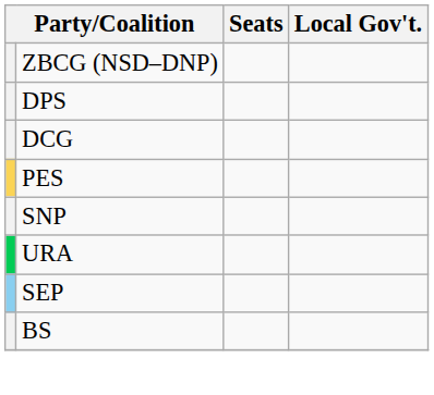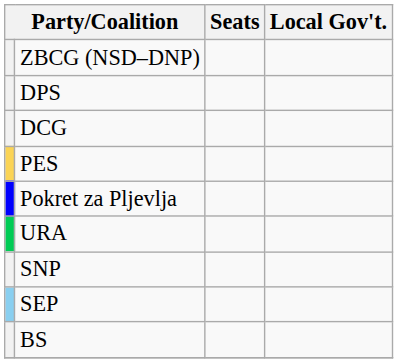 <table class="wikitable" style="text-align:left;">
 <tr>
 <th colspan=2>Party/Coalition</th>
 <th>Seats</th>
 <th>Local Gov't.</th>
 </tr>
 <tr>
 <th style="background-color: "></th>
 <td>ZBCG (NSD–DNP)</td>
 <td></td>
 <td></td>
 </tr>
 <tr>
 <th style="background-color: "></th>
 <td>DPS</td>
 <td></td>
 <td></td>
 </tr>
 <tr>
 <th style="background-color: "></th>
 <td>DCG</td>
 <td></td>
 <td></td>
 </tr>
 <tr>
 <th style="background-color: #FBD455"></th>
 <td>PES</td>
 <td></td>
 <td></td>
 </tr>
 <tr>
-<th style="background-color: "></th>
-<td>SNP</td>
+<th style="background-color: blue "></th>
+<td>Pokret za Pljevlja</td>
 <td></td>
 <td></td>
 </tr>
 <tr>
 <th style="background-color: #00cc55"></th>
 <td>URA</td>
+<td></td>
+<td></td>
+</tr>
+<tr>
+<th style="background-color: "></th>
+<td>SNP</td>
 <td></td>
 <td></td>
 </tr>
 <tr>
 <th style="background-color: #89CFF0"></th>
 <td>SEP</td>
 <td></td>
 <td></td>
 </tr>
 <tr>
 <th style="background-color: "></th>
 <td>BS</td>
 <td></td>
 <td></td>
 </tr>
 <tr>
 </tr>
 </table>
